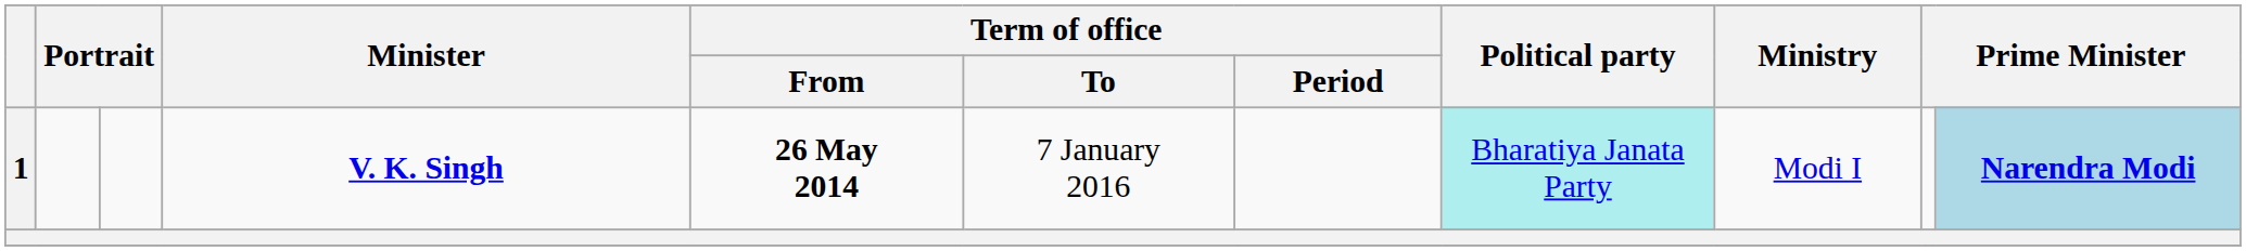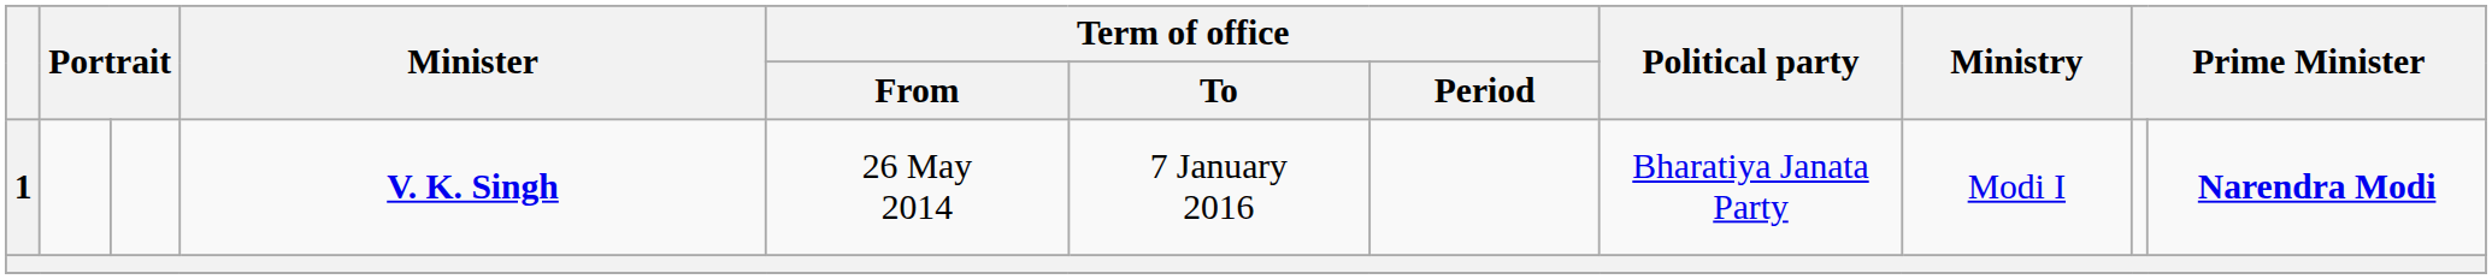 <table class="wikitable" style="text-align:center">
 <tr>
 <th rowspan="2"></th>
 <th rowspan="2" colspan="2">Portrait</th>
 <th rowspan="2" style="width:16em">Minister<br></th>
 <th colspan="3">Term of office</th>
 <th rowspan="2" style="width:8em">Political party</th>
 <th rowspan="2" style="width:6em">Ministry</th>
 <th rowspan="2" colspan="2">Prime Minister</th>
 </tr>
 <tr>
 <th style="width:8em">From</th>
 <th style="width:8em">To</th>
 <th style="width:6em">Period</th>
 </tr>
 <tr>
 <th>1</th>
 <td></td>
 <td></td>
 <td><br><strong><a href='#'>V. K. Singh</a></strong> <br><br></td>
-<td><strong>26 May<br>2014</strong></td>
+<td>26 May<br>2014</td>
 <td>7 January<br>2016</td>
 <td><strong></strong></td>
-<td style="background: paleturquoise;"><a href='#'>Bharatiya Janata Party</a></td>
+<td><a href='#'>Bharatiya Janata Party</a></td>
 <td><a href='#'>Modi I</a></td>
 <td></td>
-<td style="background: lightblue; width:9em"><strong><a href='#'>Narendra Modi</a></strong></td>
+<td style="width:9em"><strong><a href='#'>Narendra Modi</a></strong></td>
 </tr>
 <tr>
 <th colspan="11"><em></em></th>
 </tr>
 <tr>
 </tr>
 </table>
